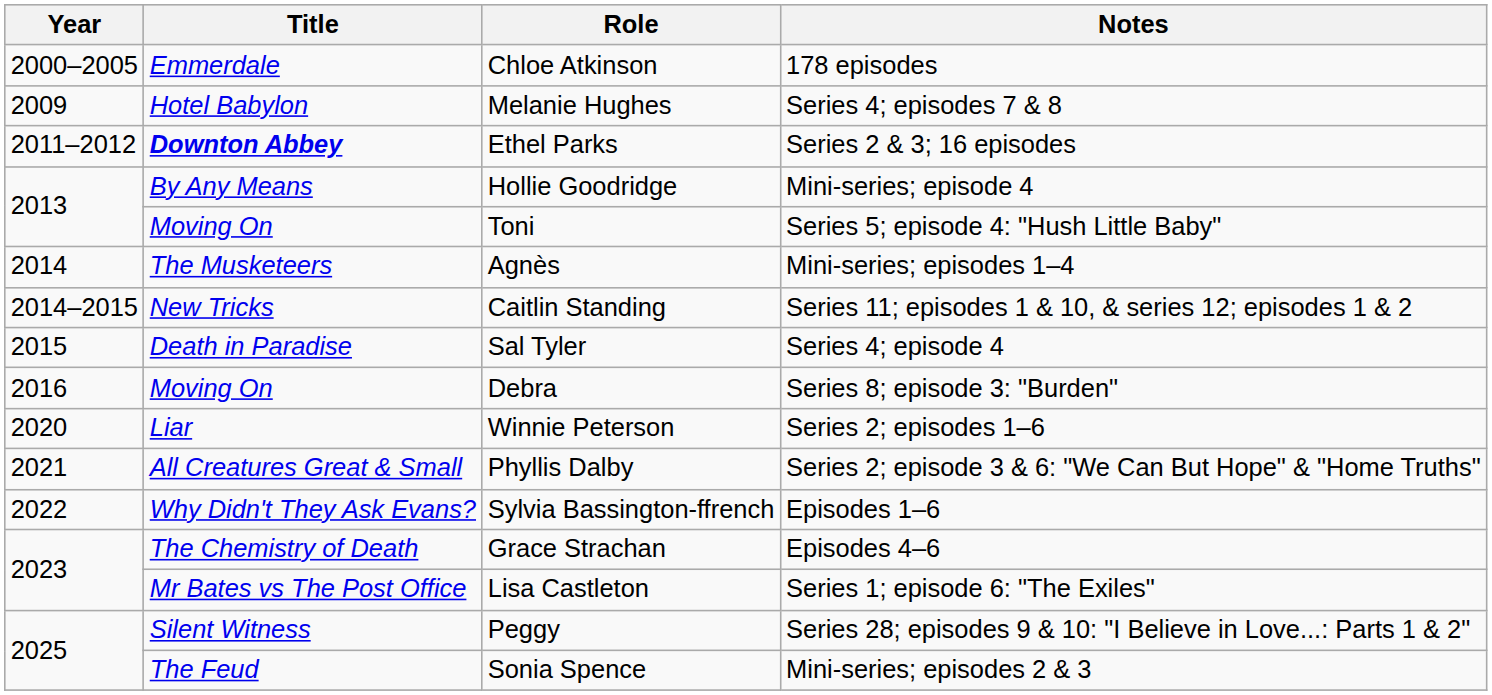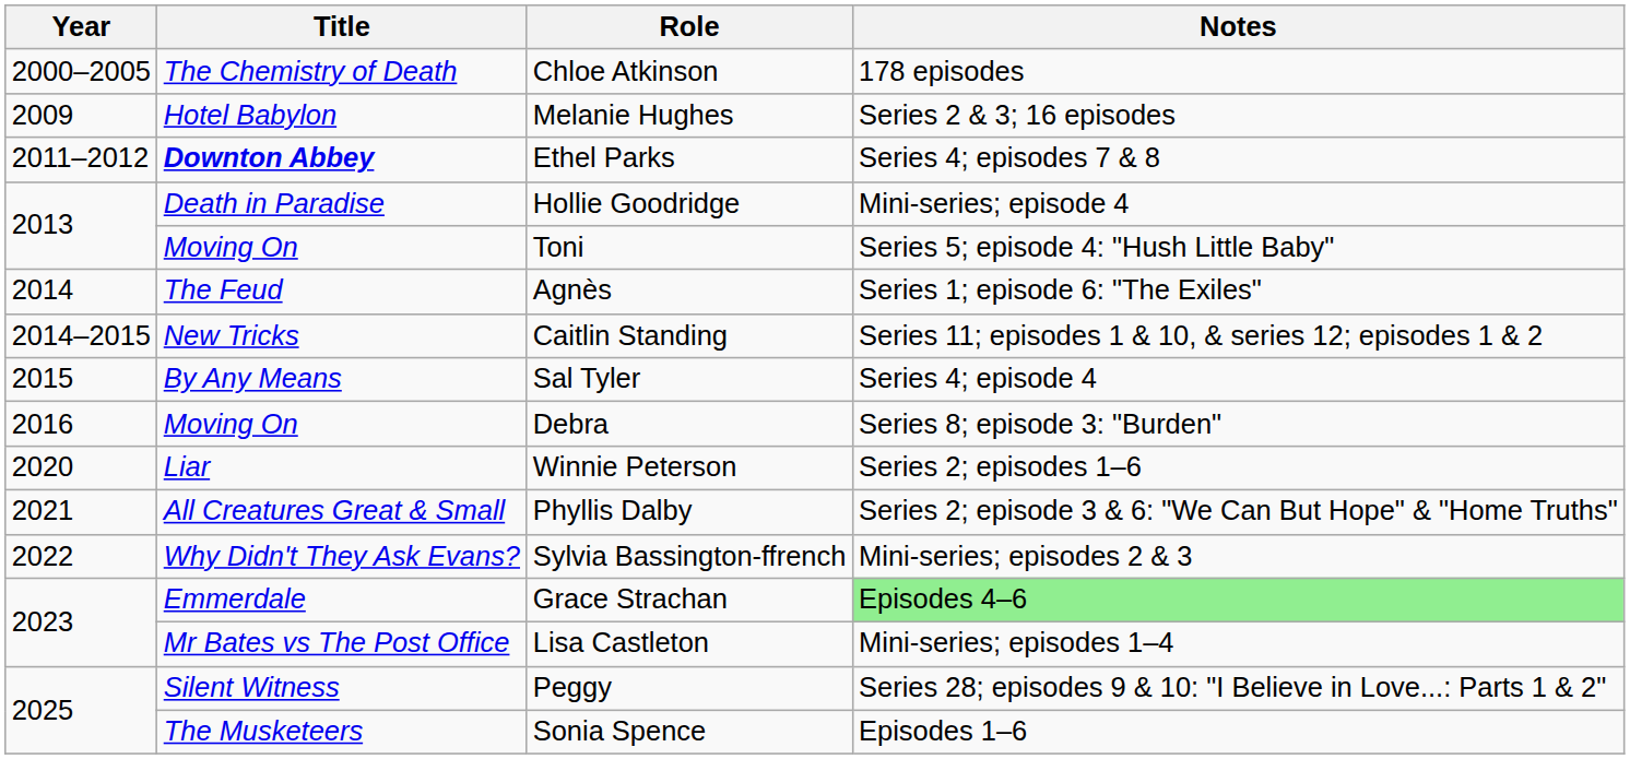 <table class="wikitable">
 <tr>
 <th>Year</th>
 <th>Title</th>
 <th>Role</th>
 <th>Notes</th>
 </tr>
 <tr>
 <td>2000–2005</td>
-<td><em><a href='#'>Emmerdale</a></em></td>
+<td><em><a href='#'>The Chemistry of Death</a></em></td>
 <td>Chloe Atkinson</td>
 <td>178 episodes</td>
 </tr>
 <tr>
 <td>2009</td>
 <td><em><a href='#'>Hotel Babylon</a></em></td>
 <td>Melanie Hughes</td>
-<td>Series 4; episodes 7 & 8</td>
+<td>Series 2 & 3; 16 episodes</td>
 </tr>
 <tr>
 <td>2011–2012</td>
 <td><strong><em><a href='#'>Downton Abbey</a></em></strong></td>
 <td>Ethel Parks</td>
-<td>Series 2 & 3; 16 episodes</td>
+<td>Series 4; episodes 7 & 8</td>
 </tr>
 <tr>
 <td rowspan="2">2013</td>
-<td><em><a href='#'>By Any Means</a></em></td>
+<td><em><a href='#'>Death in Paradise</a></em></td>
 <td>Hollie Goodridge</td>
 <td>Mini-series; episode 4</td>
 </tr>
 <tr>
 <td><em><a href='#'>Moving On</a></em></td>
 <td>Toni</td>
 <td>Series 5; episode 4: "Hush Little Baby"</td>
 </tr>
 <tr>
 <td>2014</td>
-<td><em><a href='#'>The Musketeers</a></em></td>
+<td><em><a href='#'> The Feud</a></em></td>
 <td>Agnès</td>
-<td>Mini-series; episodes 1–4</td>
+<td>Series 1; episode 6: "The Exiles"</td>
 </tr>
 <tr>
 <td>2014–2015</td>
 <td><em><a href='#'>New Tricks</a></em></td>
 <td>Caitlin Standing</td>
 <td>Series 11; episodes 1 & 10, & series 12; episodes 1 & 2</td>
 </tr>
 <tr>
 <td>2015</td>
-<td><em><a href='#'>Death in Paradise</a></em></td>
+<td><em><a href='#'>By Any Means</a></em></td>
 <td>Sal Tyler</td>
 <td>Series 4; episode 4</td>
 </tr>
 <tr>
 <td>2016</td>
 <td><em><a href='#'>Moving On</a></em></td>
 <td>Debra</td>
 <td>Series 8; episode 3: "Burden"</td>
 </tr>
 <tr>
 <td>2020</td>
 <td><em><a href='#'>Liar</a></em></td>
 <td>Winnie Peterson</td>
 <td>Series 2; episodes 1–6</td>
 </tr>
 <tr>
 <td>2021</td>
 <td><em><a href='#'>All Creatures Great & Small</a></em></td>
 <td>Phyllis Dalby</td>
 <td>Series 2; episode 3 & 6: "We Can But Hope" & "Home Truths"</td>
 </tr>
 <tr>
 <td>2022</td>
 <td><em><a href='#'>Why Didn't They Ask Evans?</a></em></td>
 <td>Sylvia Bassington-ffrench</td>
-<td>Episodes 1–6</td>
+<td>Mini-series; episodes 2 & 3</td>
 </tr>
 <tr>
 <td rowspan="2">2023</td>
-<td><em><a href='#'>The Chemistry of Death</a></em></td>
+<td><em><a href='#'>Emmerdale</a></em></td>
 <td>Grace Strachan</td>
-<td>Episodes 4–6</td>
+<td style="background: lightgreen;">Episodes 4–6</td>
 </tr>
 <tr>
 <td><em><a href='#'>Mr Bates vs The Post Office</a></em></td>
 <td>Lisa Castleton</td>
-<td>Series 1; episode 6: "The Exiles"</td>
+<td>Mini-series; episodes 1–4</td>
 </tr>
 <tr>
 <td rowspan="2">2025</td>
 <td><em><a href='#'>Silent Witness</a></em></td>
 <td>Peggy</td>
 <td>Series 28; episodes 9 & 10: "I Believe in Love...: Parts 1 & 2"</td>
 </tr>
 <tr>
-<td><em><a href='#'> The Feud</a></em></td>
+<td><em><a href='#'>The Musketeers</a></em></td>
 <td>Sonia Spence</td>
-<td>Mini-series; episodes 2 & 3</td>
+<td>Episodes 1–6</td>
 </tr>
 </table>
